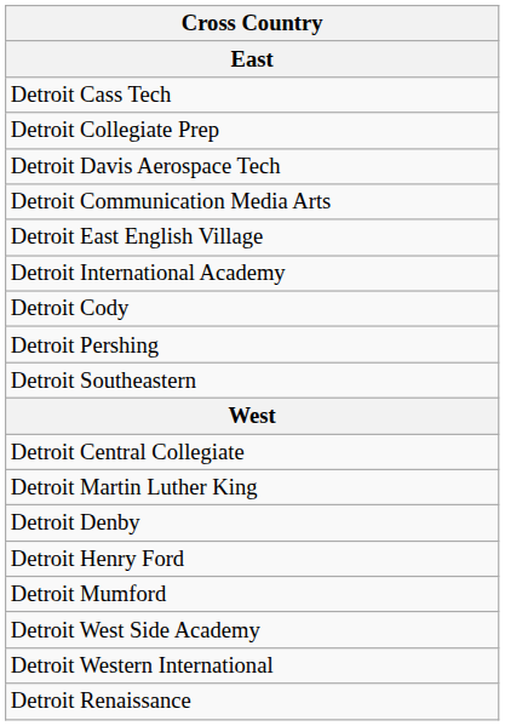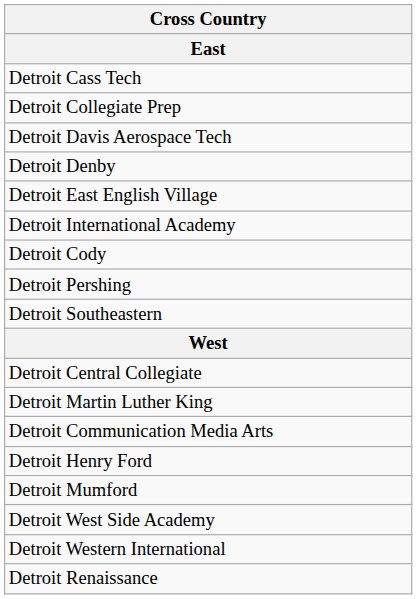 <table class="wikitable collapsible collapsed" style="width:22em">
 <tr>
 <th align=center>Cross Country</th>
 </tr>
 <tr>
 <th>East</th>
 </tr>
 <tr>
 <td>Detroit Cass Tech</td>
 </tr>
 <tr>
 <td>Detroit Collegiate Prep</td>
 </tr>
 <tr>
 <td>Detroit Davis Aerospace Tech</td>
 </tr>
 <tr>
-<td>Detroit Communication Media Arts</td>
+<td>Detroit Denby</td>
 </tr>
 <tr>
 <td>Detroit East English Village</td>
 </tr>
 <tr>
 <td>Detroit International Academy</td>
 </tr>
 <tr>
 <td>Detroit Cody</td>
 </tr>
 <tr>
 <td>Detroit Pershing</td>
 </tr>
 <tr>
 <td>Detroit Southeastern</td>
 </tr>
 <tr>
 <th>West</th>
 </tr>
 <tr>
 <td>Detroit Central Collegiate</td>
 </tr>
 <tr>
 <td>Detroit Martin Luther King</td>
 </tr>
 <tr>
-<td>Detroit Denby</td>
+<td>Detroit Communication Media Arts</td>
 </tr>
 <tr>
 <td>Detroit Henry Ford</td>
 </tr>
 <tr>
 <td>Detroit Mumford</td>
 </tr>
 <tr>
 <td>Detroit West Side Academy</td>
 </tr>
 <tr>
 <td>Detroit Western International</td>
 </tr>
 <tr>
 <td>Detroit Renaissance</td>
 </tr>
 </table>
